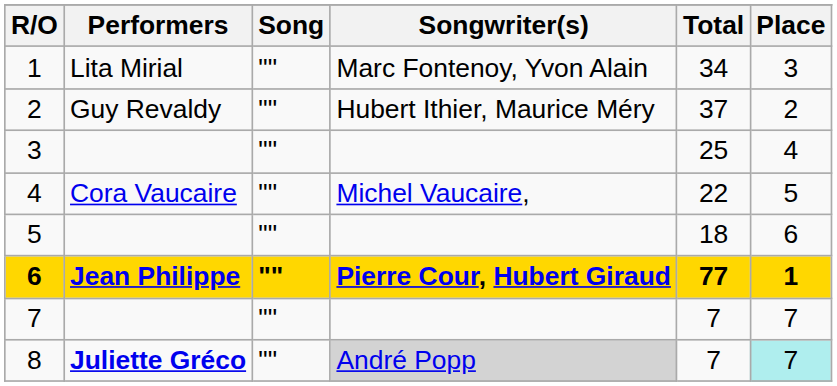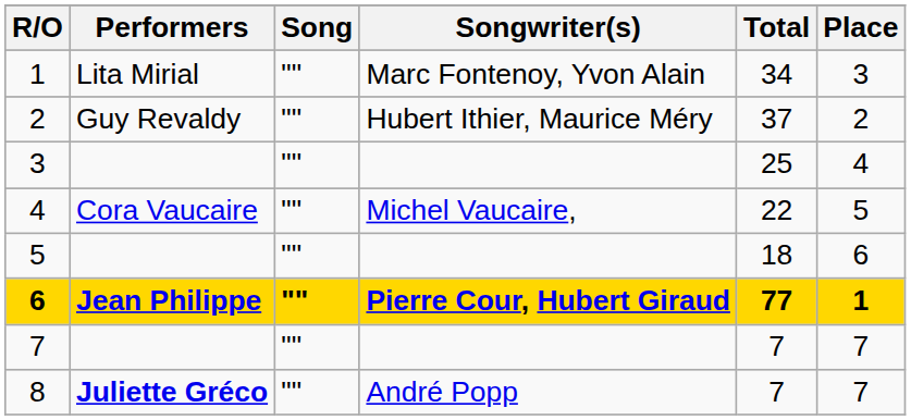 <table class="sortable wikitable">
 <tr>
 </tr>
 <tr>
 <th>R/O</th>
 <th>Performers</th>
 <th>Song</th>
 <th>Songwriter(s)</th>
 <th>Total</th>
 <th>Place</th>
 </tr>
 <tr>
 <td align=center>1</td>
 <td>Lita Mirial</td>
 <td>""</td>
 <td>Marc Fontenoy, Yvon Alain</td>
 <td align=center>34</td>
 <td align=center>3</td>
 </tr>
 <tr>
 <td align=center>2</td>
 <td>Guy Revaldy</td>
 <td>""</td>
 <td>Hubert Ithier, Maurice Méry</td>
 <td align=center>37</td>
 <td align=center>2</td>
 </tr>
 <tr>
 <td align=center>3</td>
 <td></td>
 <td>""</td>
 <td></td>
 <td align=center>25</td>
 <td align=center>4</td>
 </tr>
 <tr>
 <td align=center>4</td>
 <td><a href='#'>Cora Vaucaire</a></td>
 <td>""</td>
 <td><a href='#'>Michel Vaucaire</a>, </td>
 <td align=center>22</td>
 <td align=center>5</td>
 </tr>
 <tr>
 <td align=center>5</td>
 <td></td>
 <td>""</td>
 <td></td>
 <td align=center>18</td>
 <td align=center>6</td>
 </tr>
 <tr bgcolor="gold">
 <td align=center><strong>6</strong></td>
 <td><strong><a href='#'>Jean Philippe</a></strong></td>
 <td><strong>""</strong></td>
 <td><strong><a href='#'>Pierre Cour</a>, <a href='#'>Hubert Giraud</a></strong></td>
 <td align=center><strong>77</strong></td>
 <td align=center><strong>1</strong></td>
 </tr>
 <tr>
 <td align=center>7</td>
 <td></td>
 <td>""</td>
 <td></td>
 <td align=center>7</td>
 <td align=center>7</td>
 </tr>
 <tr>
 <td align=center>8</td>
 <td><strong><a href='#'>Juliette Gréco</a></strong></td>
 <td>""</td>
-<td style="background: lightgrey;"><a href='#'>André Popp</a></td>
+<td><a href='#'>André Popp</a></td>
 <td align=center>7</td>
-<td align=center style="background: paleturquoise;">7</td>
+<td align=center>7</td>
 </tr>
 </table>
